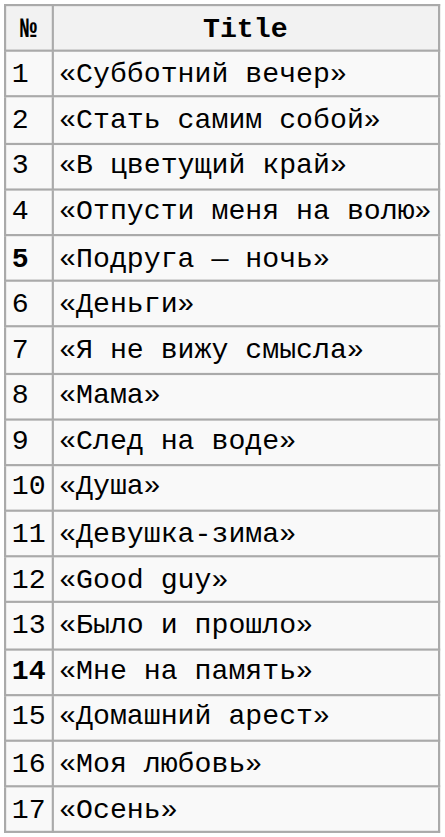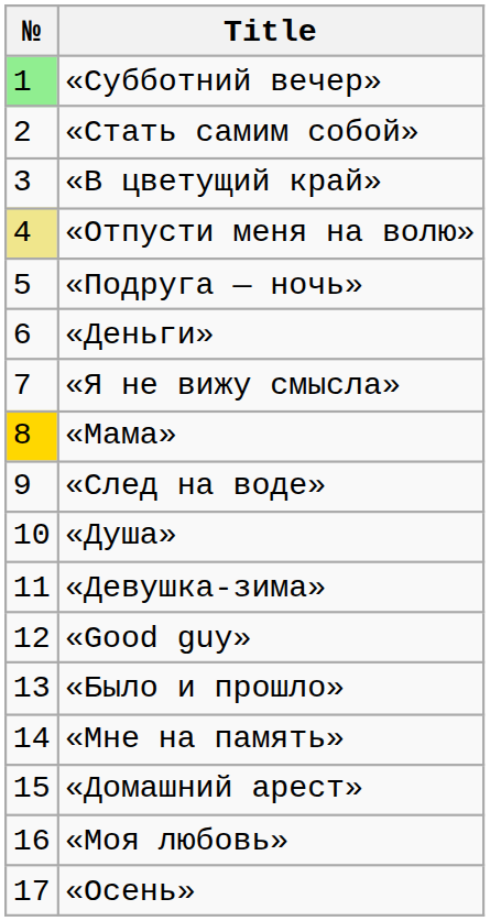 <table class="wikitable">
 <tr>
 <th>№</th>
 <th>Title</th>
 </tr>
 <tr>
-<td>1</td>
+<td style="background: lightgreen;">1</td>
 <td>«Субботний вечер»</td>
 </tr>
 <tr>
 <td>2</td>
 <td>«Стать самим собой»</td>
 </tr>
 <tr>
 <td>3</td>
 <td>«В цветущий край»</td>
 </tr>
 <tr>
-<td>4</td>
+<td style="background: khaki;">4</td>
 <td>«Отпусти меня на волю»</td>
 </tr>
 <tr>
-<td><strong>5</strong></td>
+<td>5</td>
 <td>«Подруга — ночь»</td>
 </tr>
 <tr>
 <td>6</td>
 <td>«Деньги»</td>
 </tr>
 <tr>
 <td>7</td>
 <td>«Я не вижу смысла»</td>
 </tr>
 <tr>
-<td>8</td>
+<td style="background: gold;">8</td>
 <td>«Мама»</td>
 </tr>
 <tr>
 <td>9</td>
 <td>«След на воде»</td>
 </tr>
 <tr>
 <td>10</td>
 <td>«Душа»</td>
 </tr>
 <tr>
 <td>11</td>
 <td>«Девушка-зима»</td>
 </tr>
 <tr>
 <td>12</td>
 <td>«Good guy»</td>
 </tr>
 <tr>
 <td>13</td>
 <td>«Было и прошло»</td>
 </tr>
 <tr>
-<td><strong>14</strong></td>
+<td>14</td>
 <td>«Мне на память»</td>
 </tr>
 <tr>
 <td>15</td>
 <td>«Домашний арест»</td>
 </tr>
 <tr>
 <td>16</td>
 <td>«Моя любовь»</td>
 </tr>
 <tr>
 <td>17</td>
 <td>«Осень»</td>
 </tr>
 </table>
